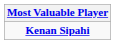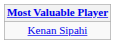 <table class=wikitable style="text-align:center">
 <tr>
 <th><a href='#'>Most Valuable Player</a></th>
 </tr>
 <tr>
-<td><strong> <a href='#'>Kenan Sipahi</a></strong></td>
+<td> <a href='#'>Kenan Sipahi</a></td>
 </tr>
 </table>
